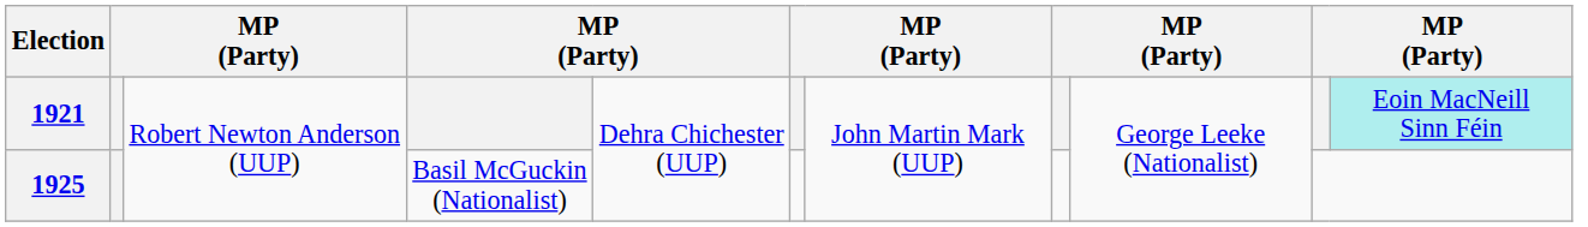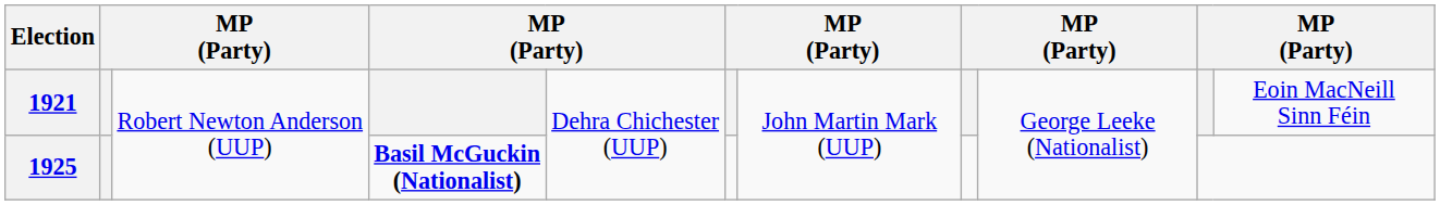 <table class="wikitable" style="text-align:center">
 <tr>
 <th>Election</th>
 <th scope="col" width="150" colspan = "2">MP<br> (Party)</th>
 <th scope="col" width="150" colspan = "2">MP<br> (Party)</th>
 <th scope="col" width="150" colspan = "2">MP<br> (Party)</th>
 <th scope="col" width="150" colspan = "2">MP<br> (Party)</th>
 <th scope="col" width="150" colspan = "2">MP<br> (Party)</th>
 </tr>
 <tr>
 <th><a href='#'>1921</a></th>
 <th style="background-color: "></th>
 <td rowspan="2"><a href='#'>Robert Newton Anderson</a><br> (<a href='#'>UUP</a>)</td>
 <th style="background-color: "></th>
 <td rowspan="2"><a href='#'>Dehra Chichester</a><br> (<a href='#'>UUP</a>)</td>
 <th style="background-color: "></th>
 <td rowspan="2"><a href='#'>John Martin Mark</a><br> (<a href='#'>UUP</a>)</td>
 <th style="background-color: "></th>
 <td rowspan="2"><a href='#'>George Leeke</a><br> (<a href='#'>Nationalist</a>)</td>
 <th style="background-color: "></th>
-<td style="background: paleturquoise;"><a href='#'>Eoin MacNeill</a> <br> <a href='#'>Sinn Féin</a></td>
+<td><a href='#'>Eoin MacNeill</a> <br> <a href='#'>Sinn Féin</a></td>
 </tr>
 <tr>
 <th><a href='#'>1925</a></th>
 <th style="background-color: "></th>
-<td rowspan="1"><a href='#'>Basil McGuckin</a><br> (<a href='#'>Nationalist</a>)</td>
+<td rowspan="1"><strong><a href='#'>Basil McGuckin</a><br> (<a href='#'>Nationalist</a>)</strong></td>
 </tr>
 </table>
